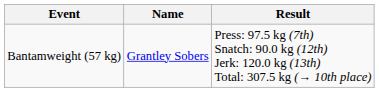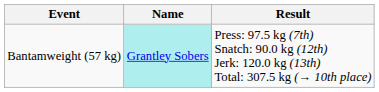 <table class="wikitable">
 <tr>
 <th>Event</th>
 <th>Name</th>
 <th>Result</th>
 </tr>
 <tr>
 <td>Bantamweight (57 kg)</td>
-<td><a href='#'>Grantley Sobers</a></td>
+<td style="background: paleturquoise;"><a href='#'>Grantley Sobers</a></td>
 <td>Press: 97.5 kg <em>(7th)</em><br>Snatch: 90.0 kg <em>(12th)</em><br>Jerk: 120.0 kg <em>(13th)</em><br>Total: 307.5 kg <em>(→ 10th place)</em></td>
 </tr>
 </table>
